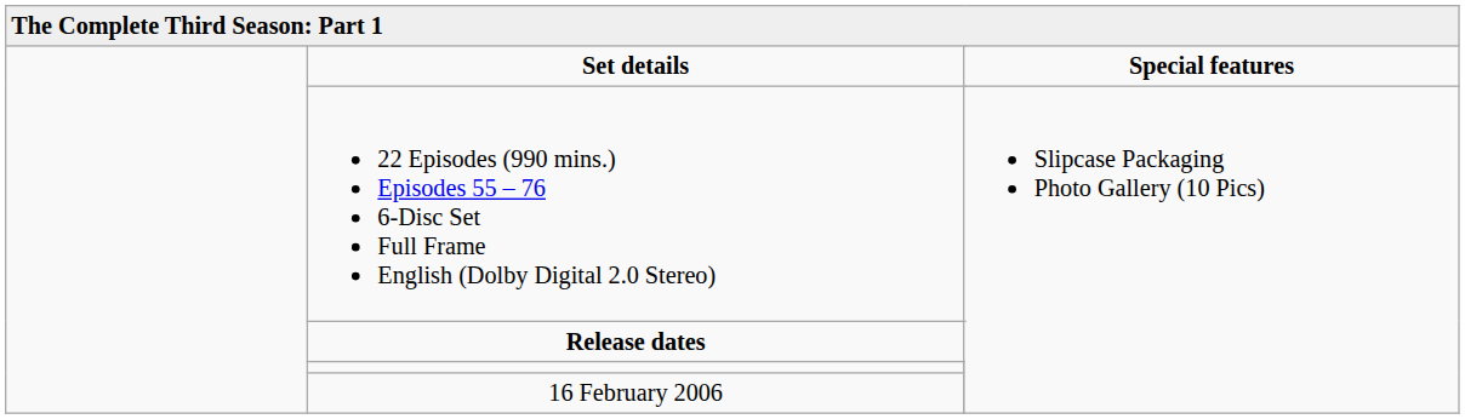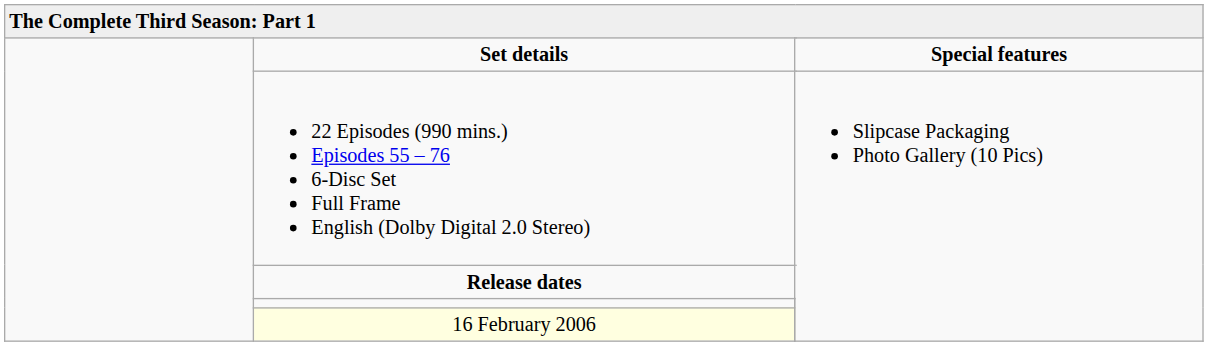 <table class="wikitable" style="font-size: 95%;">
 <tr style="background:#EFEFEF">
 <td colspan="5"><strong>The Complete Third Season: Part 1</strong></td>
 </tr>
 <tr>
 <td rowspan="6" align="center" width="180"></td>
 <td align="center" width="350" colspan="3"><strong>Set details</strong></td>
 <td width="250" align="center"><strong>Special features</strong></td>
 </tr>
 <tr valign="top">
 <td colspan="3" align="left" width="400"><br><ul><li>22 Episodes (990 mins.)</li><li><a href='#'>Episodes 55 – 76</a></li><li>6-Disc Set</li><li>Full Frame</li><li>English (Dolby Digital 2.0 Stereo)</li></ul></td>
 <td rowspan="4" align="left" width="300"><br><ul><li>Slipcase Packaging</li><li>Photo Gallery (10 Pics)</li></ul></td>
 </tr>
 <tr>
 <td colspan="3" align="center"><strong>Release dates</strong></td>
 </tr>
 <tr>
 <td align="center"></td>
 </tr>
 <tr>
-<td align="center">16 February 2006</td>
+<td align="center" style="background: lightyellow;">16 February 2006</td>
 </tr>
 </table>
